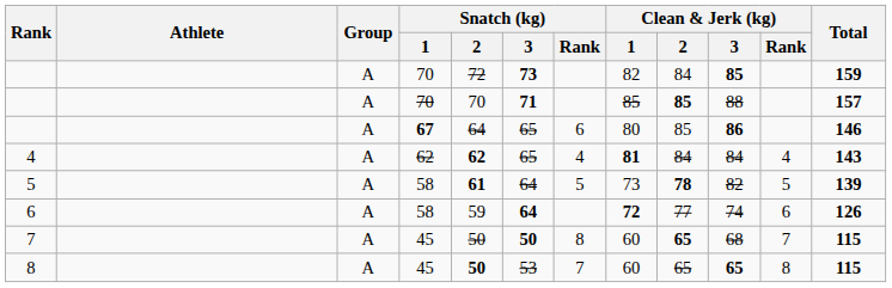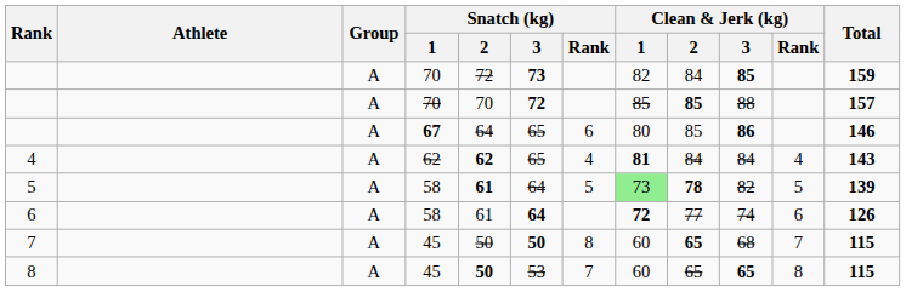 <table class = "wikitable" style="text-align:center;">
 <tr>
 <th rowspan=2 width=40>Rank</th>
 <th rowspan=2 width=250>Athlete</th>
 <th rowspan=2 width=50>Group</th>
 <th colspan=4>Snatch (kg)</th>
 <th colspan=4>Clean & Jerk (kg)</th>
 <th rowspan=2 width=60>Total</th>
 </tr>
 <tr>
 <th width=40>1</th>
 <th width=40>2</th>
 <th width=40>3</th>
 <th width=40>Rank</th>
 <th width=40>1</th>
 <th width=40>2</th>
 <th width=40>3</th>
 <th width=40>Rank</th>
 </tr>
 <tr>
 <td></td>
 <td align=left></td>
 <td>A</td>
 <td>70</td>
 <td><s>72</s></td>
 <td><strong>73</strong></td>
 <td></td>
 <td>82</td>
 <td>84</td>
 <td><strong>85</strong></td>
 <td></td>
 <td><strong>159</strong></td>
 </tr>
 <tr>
 <td></td>
 <td align=left></td>
 <td>A</td>
 <td><s>70</s></td>
 <td>70</td>
-<td><strong>71</strong></td>
+<td><strong>72</strong></td>
 <td></td>
 <td><s>85</s></td>
 <td><strong>85</strong></td>
 <td><s>88</s></td>
 <td></td>
 <td><strong>157</strong></td>
 </tr>
 <tr>
 <td></td>
 <td align=left></td>
 <td>A</td>
 <td><strong>67</strong></td>
 <td><s>64</s></td>
 <td><s>65</s></td>
 <td>6</td>
 <td>80</td>
 <td>85</td>
 <td><strong>86</strong></td>
 <td></td>
 <td><strong>146</strong></td>
 </tr>
 <tr>
 <td>4</td>
 <td align=left></td>
 <td>A</td>
 <td><s>62</s></td>
 <td><strong>62</strong></td>
 <td><s>65</s></td>
 <td>4</td>
 <td><strong>81</strong></td>
 <td><s>84</s></td>
 <td><s>84</s></td>
 <td>4</td>
 <td><strong>143</strong></td>
 </tr>
 <tr>
 <td>5</td>
 <td align=left></td>
 <td>A</td>
 <td>58</td>
 <td><strong>61</strong></td>
 <td><s>64</s></td>
 <td>5</td>
-<td>73</td>
+<td style="background: lightgreen;">73</td>
 <td><strong>78</strong></td>
 <td><s>82</s></td>
 <td>5</td>
 <td><strong>139</strong></td>
 </tr>
 <tr>
 <td>6</td>
 <td align=left></td>
 <td>A</td>
 <td>58</td>
-<td>59</td>
+<td>61</td>
 <td><strong>64</strong></td>
 <td></td>
 <td><strong>72</strong></td>
 <td><s>77</s></td>
 <td><s>74</s></td>
 <td>6</td>
 <td><strong>126</strong></td>
 </tr>
 <tr>
 <td>7</td>
 <td align=left></td>
 <td>A</td>
 <td>45</td>
 <td><s>50</s></td>
 <td><strong>50</strong></td>
 <td>8</td>
 <td>60</td>
 <td><strong>65</strong></td>
 <td><s>68</s></td>
 <td>7</td>
 <td><strong>115</strong></td>
 </tr>
 <tr>
 <td>8</td>
 <td align=left></td>
 <td>A</td>
 <td>45</td>
 <td><strong>50</strong></td>
 <td><s>53</s></td>
 <td>7</td>
 <td>60</td>
 <td><s>65</s></td>
 <td><strong>65</strong></td>
 <td>8</td>
 <td><strong>115</strong></td>
 </tr>
 </table>
